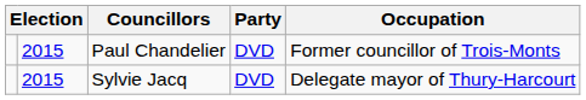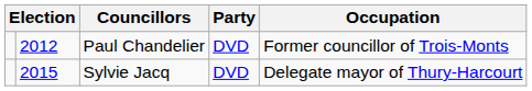 <table class="wikitable">
 <tr>
 <th colspan="2">Election</th>
 <th>Councillors</th>
 <th>Party</th>
 <th>Occupation</th>
 </tr>
 <tr>
 <td style="background-color: "></td>
-<td><a href='#'>2015</a></td>
+<td><a href='#'>2012</a></td>
 <td>Paul Chandelier</td>
 <td><a href='#'>DVD</a></td>
 <td>Former councillor of <a href='#'>Trois-Monts</a></td>
 </tr>
 <tr>
 <td style="background-color: "></td>
 <td><a href='#'>2015</a></td>
 <td>Sylvie Jacq</td>
 <td><a href='#'>DVD</a></td>
 <td>Delegate mayor of <a href='#'>Thury-Harcourt</a></td>
 </tr>
 </table>
